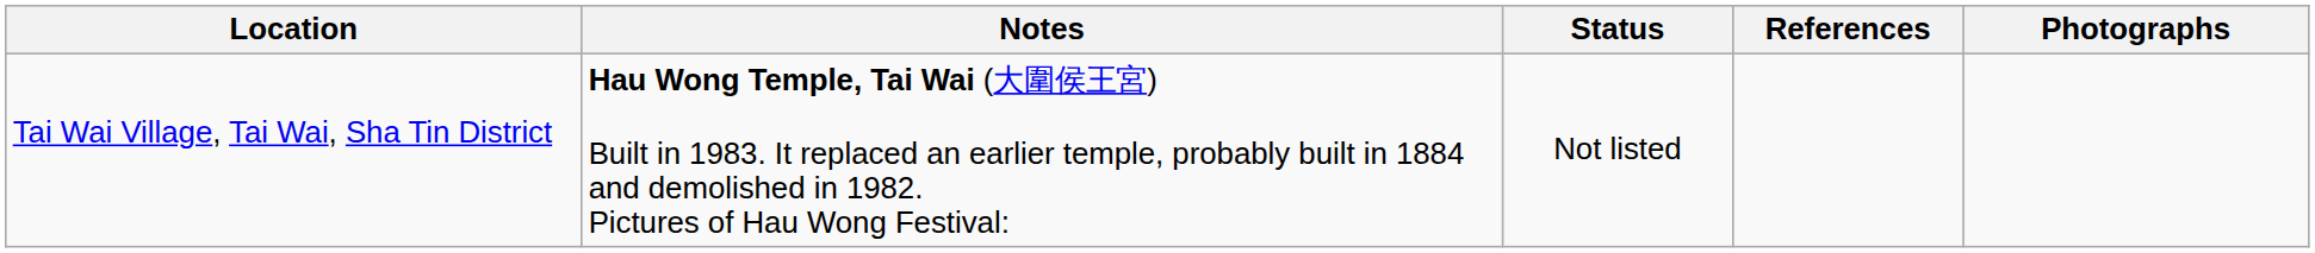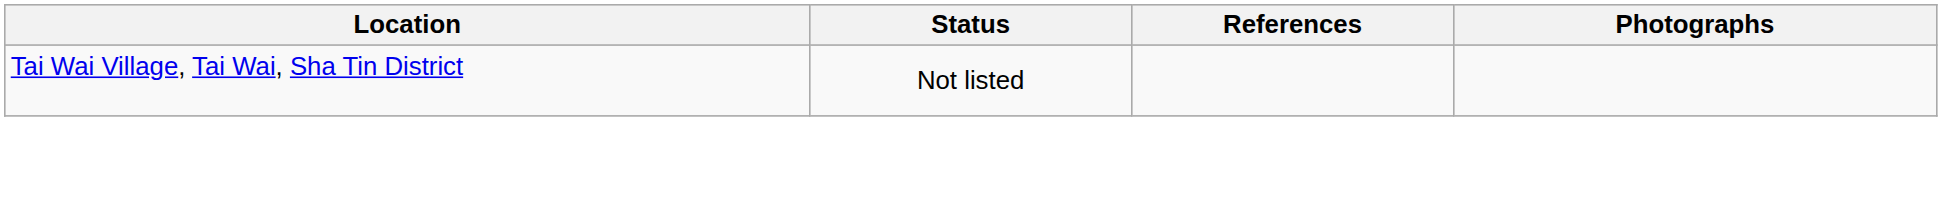 <table class="wikitable sortable" style="width:95%">
 <tr>
 <th width="25%">Location</th>
-<th width="40%">Notes</th>
 <th width="10%">Status</th>
 <th width="10%">References</th>
 <th width="15%">Photographs</th>
 </tr>
 <tr>
 <td><a href='#'>Tai Wai Village</a>, <a href='#'>Tai Wai</a>, <a href='#'>Sha Tin District</a><br><br></td>
-<td><strong>Hau Wong Temple, Tai Wai</strong> (<a href='#'>大圍侯王宮</a>)<br><br>Built in 1983. It replaced an earlier temple, probably built in 1884 and demolished in 1982.<br> Pictures of Hau Wong Festival: </td>
 <td style="text-align:center">Not listed</td>
 <td></td>
 <td></td>
 </tr>
 </table>
